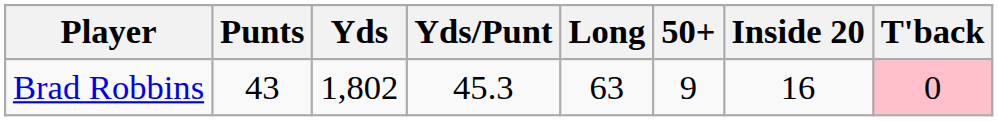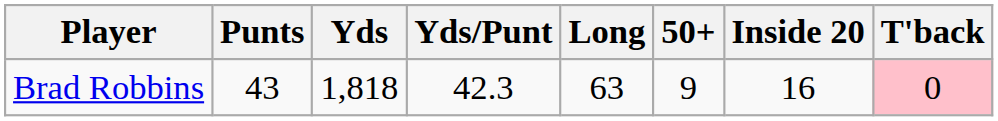 <table class="wikitable sortable sortable" style="text-align: center">
 <tr align=center>
 <th>Player</th>
 <th>Punts</th>
 <th>Yds</th>
 <th>Yds/Punt</th>
 <th>Long</th>
 <th>50+</th>
 <th>Inside 20</th>
 <th>T'back</th>
 </tr>
 <tr>
 <td><a href='#'>Brad Robbins</a></td>
 <td>43</td>
-<td>1,802</td>
-<td>45.3</td>
+<td>1,818</td>
+<td>42.3</td>
 <td>63</td>
 <td>9</td>
 <td>16</td>
 <td style="background: pink;">0</td>
 </tr>
 </table>
